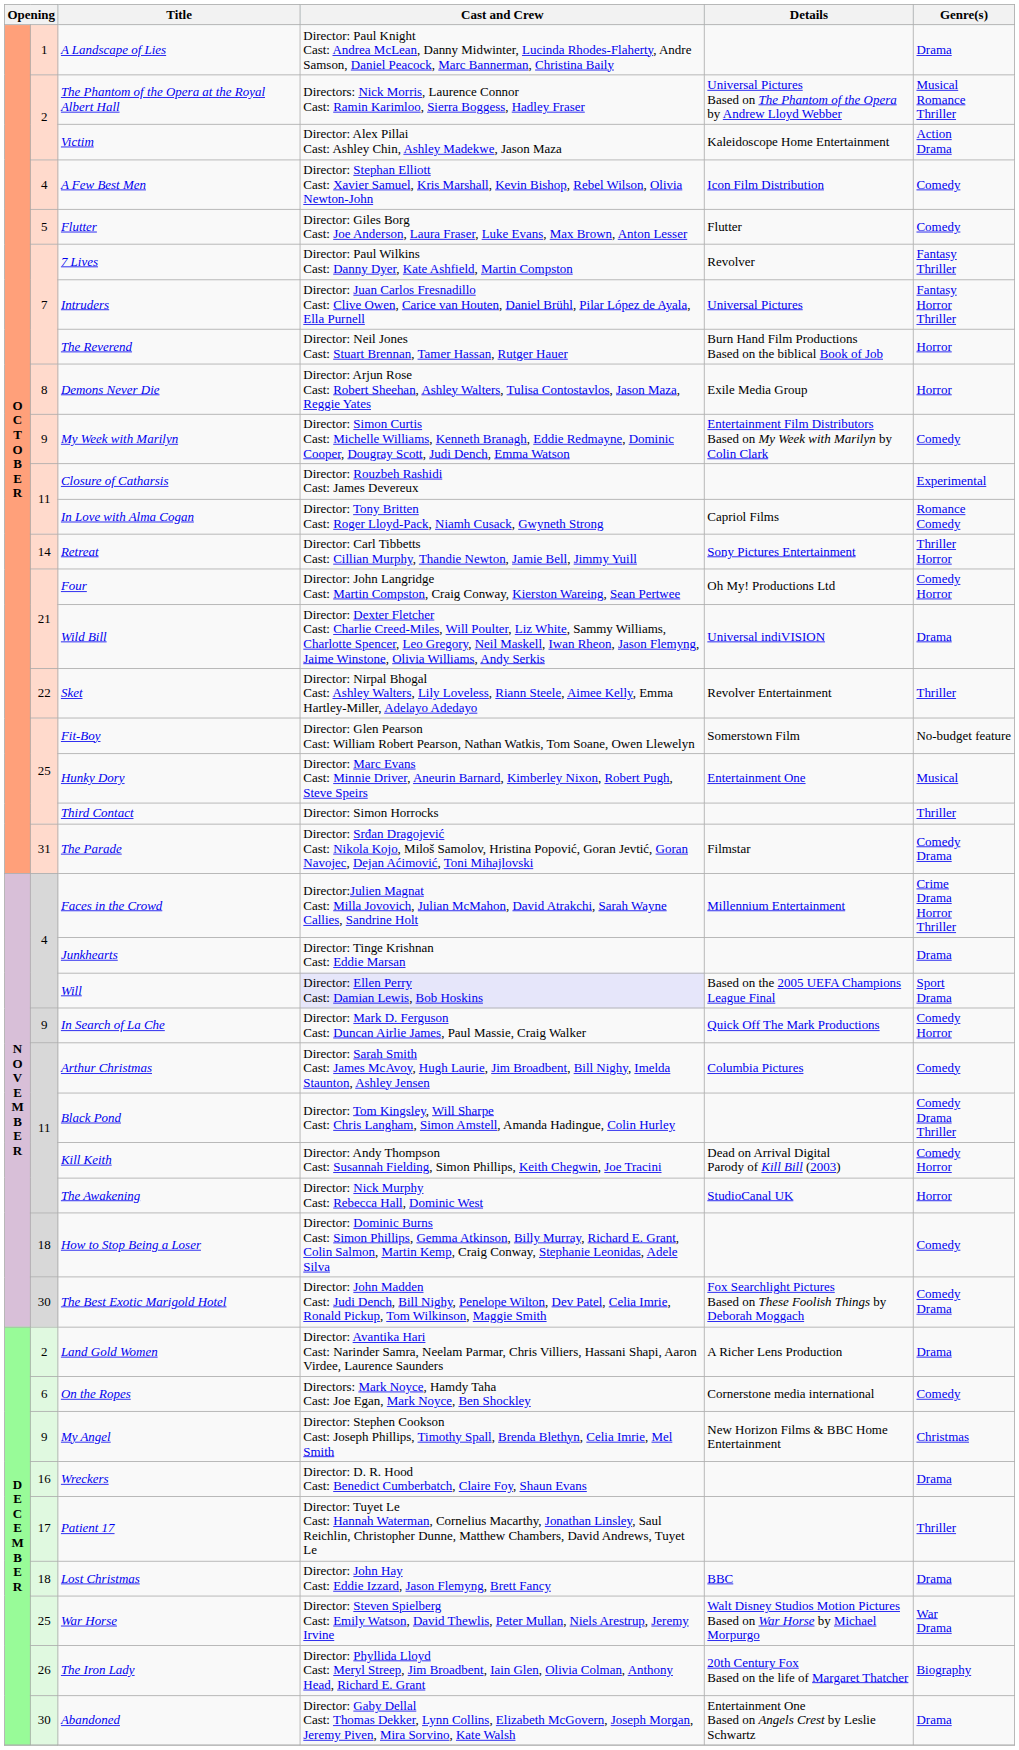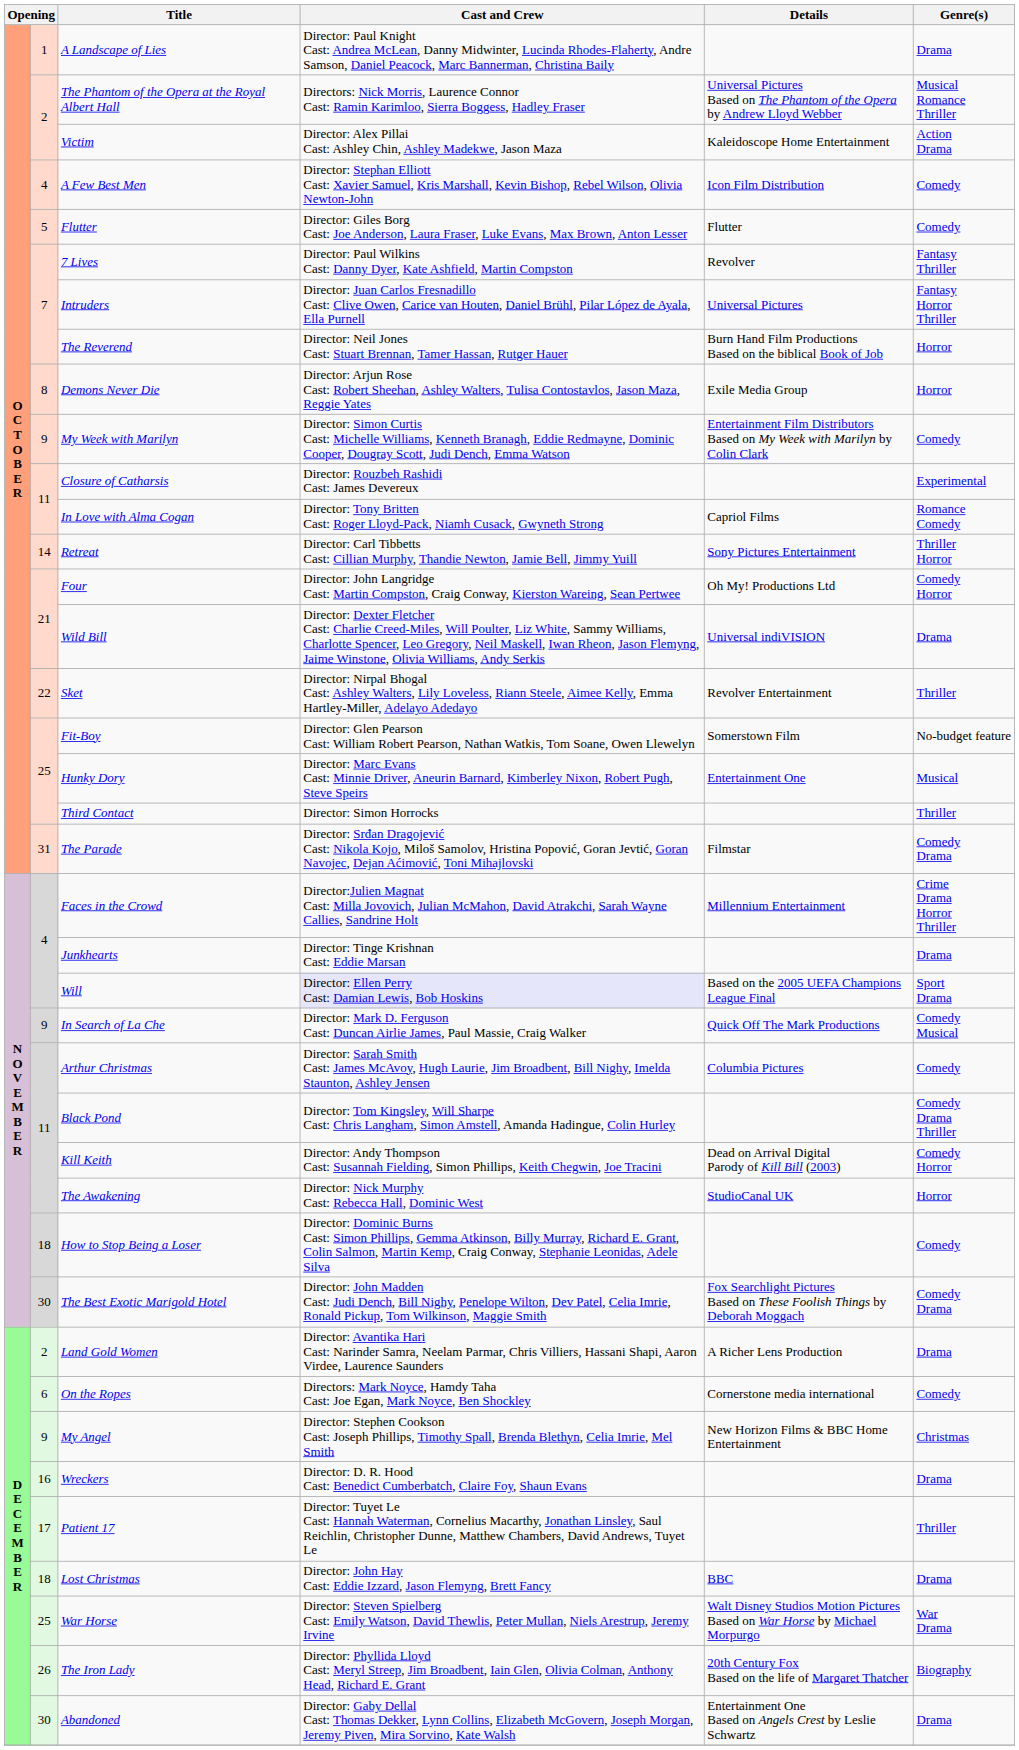 <table class="wikitable sortable plainrowheaders">
 <tr style="background:#b0e0e6; text-align:center;">
 <th colspan="2">Opening</th>
 <th style="width:24%;">Title</th>
 <th style="width:40%;">Cast and Crew</th>
 <th>Details</th>
 <th style="width:10%;">Genre(s)</th>
 </tr>
 <tr>
 <th rowspan="20" style="text-align:center; background:#ffa07a; textcolor:#000;">O <br>C <br>T <br>O <br>B <br>E <br>R</th>
 <td rowspan="1" style="text-align:center; background:#ffdacc;">1</td>
 <td><em><a href='#'>A Landscape of Lies</a></em></td>
 <td>Director: Paul Knight  <br> Cast: <a href='#'>Andrea McLean</a>, Danny Midwinter, <a href='#'>Lucinda Rhodes-Flaherty</a>, Andre Samson, <a href='#'>Daniel Peacock</a>, <a href='#'>Marc Bannerman</a>, <a href='#'>Christina Baily</a></td>
 <td></td>
 <td><a href='#'>Drama</a></td>
 </tr>
 <tr>
 <td rowspan="2" style="text-align:center; background:#ffdacc;">2</td>
 <td><em><a href='#'>The Phantom of the Opera at the Royal Albert Hall</a></em></td>
 <td>Directors: <a href='#'>Nick Morris</a>, Laurence Connor  <br> Cast: <a href='#'>Ramin Karimloo</a>, <a href='#'>Sierra Boggess</a>, <a href='#'>Hadley Fraser</a></td>
 <td><a href='#'>Universal Pictures</a>  <br> Based on <em><a href='#'>The Phantom of the Opera</a></em> by <a href='#'>Andrew Lloyd Webber</a></td>
 <td><a href='#'>Musical</a>  <br> <a href='#'>Romance</a>  <br> <a href='#'>Thriller</a></td>
 </tr>
 <tr>
 <td><em><a href='#'>Victim</a></em></td>
 <td>Director: Alex Pillai  <br> Cast: Ashley Chin, <a href='#'>Ashley Madekwe</a>, Jason Maza</td>
 <td>Kaleidoscope Home Entertainment</td>
 <td><a href='#'>Action</a>  <br> <a href='#'>Drama</a></td>
 </tr>
 <tr>
 <td rowspan="1" style="text-align:center; background:#ffdacc;">4</td>
 <td><em><a href='#'>A Few Best Men</a></em></td>
 <td>Director: <a href='#'>Stephan Elliott</a>  <br> Cast: <a href='#'>Xavier Samuel</a>, <a href='#'>Kris Marshall</a>, <a href='#'>Kevin Bishop</a>, <a href='#'>Rebel Wilson</a>, <a href='#'>Olivia Newton-John</a></td>
 <td><a href='#'>Icon Film Distribution</a></td>
 <td><a href='#'>Comedy</a></td>
 </tr>
 <tr>
 <td rowspan="1" style="text-align:center; background:#ffdacc;">5</td>
 <td><em><a href='#'>Flutter</a></em></td>
 <td>Director: Giles Borg  <br> Cast: <a href='#'>Joe Anderson</a>, <a href='#'>Laura Fraser</a>, <a href='#'>Luke Evans</a>, <a href='#'>Max Brown</a>, <a href='#'>Anton Lesser</a></td>
 <td>Flutter</td>
 <td><a href='#'>Comedy</a></td>
 </tr>
 <tr>
 <td rowspan="3" style="text-align:center; background:#ffdacc;">7</td>
 <td><em><a href='#'>7 Lives</a></em></td>
 <td>Director: Paul Wilkins  <br> Cast: <a href='#'>Danny Dyer</a>, <a href='#'>Kate Ashfield</a>, <a href='#'>Martin Compston</a></td>
 <td>Revolver</td>
 <td><a href='#'>Fantasy</a>  <br> <a href='#'>Thriller</a></td>
 </tr>
 <tr>
 <td><em><a href='#'>Intruders</a></em></td>
 <td>Director: <a href='#'>Juan Carlos Fresnadillo</a>  <br> Cast: <a href='#'>Clive Owen</a>, <a href='#'>Carice van Houten</a>, <a href='#'>Daniel Brühl</a>, <a href='#'>Pilar López de Ayala</a>, <a href='#'>Ella Purnell</a></td>
 <td><a href='#'>Universal Pictures</a></td>
 <td><a href='#'>Fantasy</a>  <br> <a href='#'>Horror</a>  <br> <a href='#'>Thriller</a></td>
 </tr>
 <tr>
 <td><em><a href='#'>The Reverend</a></em></td>
 <td>Director: Neil Jones  <br> Cast: <a href='#'>Stuart Brennan</a>, <a href='#'>Tamer Hassan</a>, <a href='#'>Rutger Hauer</a></td>
 <td>Burn Hand Film Productions  <br> Based on the biblical <a href='#'>Book of Job</a></td>
 <td><a href='#'>Horror</a></td>
 </tr>
 <tr>
 <td rowspan="1" style="text-align:center; background:#ffdacc;">8</td>
 <td><em><a href='#'>Demons Never Die</a></em></td>
 <td>Director: Arjun Rose  <br> Cast: <a href='#'>Robert Sheehan</a>, <a href='#'>Ashley Walters</a>, <a href='#'>Tulisa Contostavlos</a>, <a href='#'>Jason Maza</a>, <a href='#'>Reggie Yates</a></td>
 <td>Exile Media Group</td>
 <td><a href='#'>Horror</a></td>
 </tr>
 <tr>
 <td rowspan="1" style="text-align:center; background:#ffdacc;">9</td>
 <td><em><a href='#'>My Week with Marilyn</a></em></td>
 <td>Director: <a href='#'>Simon Curtis</a>  <br> Cast: <a href='#'>Michelle Williams</a>, <a href='#'>Kenneth Branagh</a>, <a href='#'>Eddie Redmayne</a>, <a href='#'>Dominic Cooper</a>, <a href='#'>Dougray Scott</a>, <a href='#'>Judi Dench</a>, <a href='#'>Emma Watson</a></td>
 <td><a href='#'>Entertainment Film Distributors</a>  <br> Based on <em>My Week with Marilyn</em> by <a href='#'>Colin Clark</a></td>
 <td><a href='#'>Comedy</a></td>
 </tr>
 <tr>
 <td rowspan="2" style="text-align:center; background:#ffdacc;">11</td>
 <td><em><a href='#'>Closure of Catharsis</a></em></td>
 <td>Director: <a href='#'>Rouzbeh Rashidi</a>  <br> Cast: James Devereux</td>
 <td></td>
 <td><a href='#'>Experimental</a></td>
 </tr>
 <tr>
 <td><em><a href='#'>In Love with Alma Cogan</a></em></td>
 <td>Director: <a href='#'>Tony Britten</a>  <br> Cast: <a href='#'>Roger Lloyd-Pack</a>, <a href='#'>Niamh Cusack</a>, <a href='#'>Gwyneth Strong</a></td>
 <td>Capriol Films</td>
 <td><a href='#'>Romance</a>  <br> <a href='#'>Comedy</a></td>
 </tr>
 <tr>
 <td rowspan="1" style="text-align:center; background:#ffdacc;">14</td>
 <td><em><a href='#'>Retreat</a></em></td>
 <td>Director: Carl Tibbetts  <br> Cast: <a href='#'>Cillian Murphy</a>, <a href='#'>Thandie Newton</a>, <a href='#'>Jamie Bell</a>, <a href='#'>Jimmy Yuill</a></td>
 <td><a href='#'>Sony Pictures Entertainment</a></td>
 <td><a href='#'>Thriller</a>  <br> <a href='#'>Horror</a></td>
 </tr>
 <tr>
 <td rowspan="2" style="text-align:center; background:#ffdacc;">21</td>
 <td><em><a href='#'>Four</a></em></td>
 <td>Director: John Langridge  <br> Cast: <a href='#'>Martin Compston</a>, Craig Conway, <a href='#'>Kierston Wareing</a>, <a href='#'>Sean Pertwee</a></td>
 <td>Oh My! Productions Ltd</td>
 <td><a href='#'>Comedy</a>  <br> <a href='#'>Horror</a></td>
 </tr>
 <tr>
 <td><em><a href='#'>Wild Bill</a></em></td>
 <td>Director: <a href='#'>Dexter Fletcher</a>  <br> Cast: <a href='#'>Charlie Creed-Miles</a>, <a href='#'>Will Poulter</a>, <a href='#'>Liz White</a>, Sammy Williams, <a href='#'>Charlotte Spencer</a>, <a href='#'>Leo Gregory</a>, <a href='#'>Neil Maskell</a>, <a href='#'>Iwan Rheon</a>, <a href='#'>Jason Flemyng</a>, <a href='#'>Jaime Winstone</a>, <a href='#'>Olivia Williams</a>, <a href='#'>Andy Serkis</a></td>
 <td><a href='#'>Universal indiVISION</a></td>
 <td><a href='#'>Drama</a></td>
 </tr>
 <tr>
 <td rowspan="1" style="text-align:center; background:#ffdacc;">22</td>
 <td><em><a href='#'>Sket</a></em></td>
 <td>Director: Nirpal Bhogal  <br> Cast: <a href='#'>Ashley Walters</a>, <a href='#'>Lily Loveless</a>, <a href='#'>Riann Steele</a>, <a href='#'>Aimee Kelly</a>, Emma Hartley-Miller, <a href='#'>Adelayo Adedayo</a></td>
 <td>Revolver Entertainment</td>
 <td><a href='#'>Thriller</a></td>
 </tr>
 <tr>
 <td rowspan="3" style="text-align:center; background:#ffdacc;">25</td>
 <td><em><a href='#'>Fit-Boy</a></em></td>
 <td>Director:  Glen Pearson<br> Cast: William Robert Pearson, Nathan Watkis, Tom Soane, Owen Llewelyn</td>
 <td>Somerstown Film</td>
 <td>No-budget feature</td>
 </tr>
 <tr>
 <td><em><a href='#'>Hunky Dory</a></em></td>
 <td>Director: <a href='#'>Marc Evans</a>  <br> Cast: <a href='#'>Minnie Driver</a>, <a href='#'>Aneurin Barnard</a>, <a href='#'>Kimberley Nixon</a>, <a href='#'>Robert Pugh</a>, <a href='#'>Steve Speirs</a></td>
 <td><a href='#'>Entertainment One</a></td>
 <td><a href='#'>Musical</a></td>
 </tr>
 <tr>
 <td><em><a href='#'>Third Contact</a></em></td>
 <td>Director: Simon Horrocks</td>
 <td></td>
 <td><a href='#'>Thriller</a></td>
 </tr>
 <tr>
 <td rowspan="1" style="text-align:center; background:#ffdacc;">31</td>
 <td><em><a href='#'>The Parade</a></em></td>
 <td>Director: <a href='#'>Srđan Dragojević</a>  <br> Cast: <a href='#'>Nikola Kojo</a>, Miloš Samolov, Hristina Popović, Goran Jevtić, <a href='#'>Goran Navojec</a>, <a href='#'>Dejan Aćimović</a>, <a href='#'>Toni Mihajlovski</a></td>
 <td>Filmstar</td>
 <td><a href='#'>Comedy</a>  <br> <a href='#'>Drama</a></td>
 </tr>
 <tr>
 <th rowspan="10" style="text-align:center; background:thistle; textcolor:#000;">N <br>O <br>V <br>E <br>M <br>B <br>E <br>R</th>
 <td rowspan="3" style="text-align:center; background:#d8d8d8;">4</td>
 <td><em><a href='#'>Faces in the Crowd</a></em></td>
 <td>Director:<a href='#'>Julien Magnat</a>  <br> Cast: <a href='#'>Milla Jovovich</a>, <a href='#'>Julian McMahon</a>, <a href='#'>David Atrakchi</a>, <a href='#'>Sarah Wayne Callies</a>, <a href='#'>Sandrine Holt</a></td>
 <td><a href='#'>Millennium Entertainment</a></td>
 <td><a href='#'>Crime</a> <br> <a href='#'>Drama</a><br> <a href='#'>Horror</a><br> <a href='#'>Thriller</a></td>
 </tr>
 <tr>
 <td><em><a href='#'>Junkhearts</a></em></td>
 <td>Director: Tinge Krishnan  <br> Cast: <a href='#'>Eddie Marsan</a></td>
 <td></td>
 <td><a href='#'>Drama</a></td>
 </tr>
 <tr>
 <td><em><a href='#'>Will</a></em></td>
 <td style="background: lavender;">Director: <a href='#'>Ellen Perry</a>  <br> Cast: <a href='#'>Damian Lewis</a>, <a href='#'>Bob Hoskins</a></td>
 <td>Based on the <a href='#'>2005 UEFA Champions League Final</a></td>
 <td><a href='#'>Sport</a>  <br> <a href='#'>Drama</a></td>
 </tr>
 <tr>
 <td rowspan="1" style="text-align:center; background:#d8d8d8;">9</td>
 <td><em><a href='#'>In Search of La Che</a></em></td>
 <td>Director: <a href='#'>Mark D. Ferguson</a>  <br> Cast: <a href='#'>Duncan Airlie James</a>, Paul Massie, Craig Walker</td>
 <td><a href='#'>Quick Off The Mark Productions</a></td>
-<td><a href='#'>Comedy</a>  <br> <a href='#'>Horror</a></td>
+<td><a href='#'>Comedy</a>  <br> <a href='#'>Musical</a></td>
 </tr>
 <tr>
 <td rowspan="4" style="text-align:center; background:#d8d8d8;">11</td>
 <td><em><a href='#'>Arthur Christmas</a></em></td>
 <td>Director: <a href='#'>Sarah Smith</a>  <br> Cast: <a href='#'>James McAvoy</a>, <a href='#'>Hugh Laurie</a>, <a href='#'>Jim Broadbent</a>, <a href='#'>Bill Nighy</a>, <a href='#'>Imelda Staunton</a>, <a href='#'>Ashley Jensen</a></td>
 <td><a href='#'>Columbia Pictures</a></td>
 <td><a href='#'>Comedy</a></td>
 </tr>
 <tr>
 <td><em><a href='#'>Black Pond</a></em></td>
 <td>Director: <a href='#'>Tom Kingsley</a>, <a href='#'>Will Sharpe</a>  <br> Cast: <a href='#'>Chris Langham</a>, <a href='#'>Simon Amstell</a>, Amanda Hadingue, <a href='#'>Colin Hurley</a></td>
 <td></td>
 <td><a href='#'>Comedy</a>  <br> <a href='#'>Drama</a>  <br> <a href='#'>Thriller</a></td>
 </tr>
 <tr>
 <td><em><a href='#'>Kill Keith</a></em></td>
 <td>Director: Andy Thompson  <br> Cast: <a href='#'>Susannah Fielding</a>, Simon Phillips, <a href='#'>Keith Chegwin</a>, <a href='#'>Joe Tracini</a></td>
 <td>Dead on Arrival Digital  <br> Parody of <em><a href='#'>Kill Bill</a></em> (<a href='#'>2003</a>)</td>
 <td><a href='#'>Comedy</a>  <br> <a href='#'>Horror</a></td>
 </tr>
 <tr>
 <td><em><a href='#'>The Awakening</a></em></td>
 <td>Director: <a href='#'>Nick Murphy</a>  <br> Cast: <a href='#'>Rebecca Hall</a>, <a href='#'>Dominic West</a></td>
 <td><a href='#'>StudioCanal UK</a></td>
 <td><a href='#'>Horror</a></td>
 </tr>
 <tr>
 <td rowspan="1" style="text-align:center; background:#d8d8d8;">18</td>
 <td><em><a href='#'>How to Stop Being a Loser</a></em></td>
 <td>Director: <a href='#'>Dominic Burns</a>  <br> Cast: <a href='#'>Simon Phillips</a>, <a href='#'>Gemma Atkinson</a>, <a href='#'>Billy Murray</a>, <a href='#'>Richard E. Grant</a>, <a href='#'>Colin Salmon</a>, <a href='#'>Martin Kemp</a>, Craig Conway, <a href='#'>Stephanie Leonidas</a>, <a href='#'>Adele Silva</a></td>
 <td></td>
 <td><a href='#'>Comedy</a></td>
 </tr>
 <tr>
 <td rowspan="1" style="text-align:center; background:#d8d8d8;">30</td>
 <td><em><a href='#'>The Best Exotic Marigold Hotel</a></em></td>
 <td>Director: <a href='#'>John Madden</a>  <br> Cast: <a href='#'>Judi Dench</a>, <a href='#'>Bill Nighy</a>, <a href='#'>Penelope Wilton</a>, <a href='#'>Dev Patel</a>, <a href='#'>Celia Imrie</a>, <a href='#'>Ronald Pickup</a>, <a href='#'>Tom Wilkinson</a>, <a href='#'>Maggie Smith</a></td>
 <td><a href='#'>Fox Searchlight Pictures</a>  <br> Based on <em>These Foolish Things</em> by <a href='#'>Deborah Moggach</a></td>
 <td><a href='#'>Comedy</a>  <br> <a href='#'>Drama</a></td>
 </tr>
 <tr>
 <th rowspan="9" style="text-align:center; background:#98fb98; textcolor:#000;">D <br>E <br>C <br>E <br>M <br>B <br>E <br>R</th>
 <td rowspan="1" style="text-align:center; background:#e0f9e0;">2</td>
 <td><em><a href='#'>Land Gold Women</a></em></td>
 <td>Director: <a href='#'>Avantika Hari</a>  <br> Cast: Narinder Samra, Neelam Parmar, Chris Villiers, Hassani Shapi, Aaron Virdee, Laurence Saunders</td>
 <td>A Richer Lens Production</td>
 <td><a href='#'>Drama</a></td>
 </tr>
 <tr>
 <td rowspan="1" style="text-align:center; background:#e0f9e0;">6</td>
 <td><em><a href='#'>On the Ropes</a></em></td>
 <td>Directors: <a href='#'>Mark Noyce</a>, Hamdy Taha  <br> Cast: Joe Egan, <a href='#'>Mark Noyce</a>, <a href='#'>Ben Shockley</a></td>
 <td>Cornerstone media international</td>
 <td><a href='#'>Comedy</a></td>
 </tr>
 <tr>
 <td rowspan="1" style="text-align:center; background:#e0f9e0;">9</td>
 <td><em><a href='#'>My Angel</a></em></td>
 <td>Director: Stephen Cookson  <br> Cast: Joseph Phillips, <a href='#'>Timothy Spall</a>, <a href='#'>Brenda Blethyn</a>, <a href='#'>Celia Imrie</a>, <a href='#'>Mel Smith</a></td>
 <td>New Horizon Films & BBC Home Entertainment</td>
 <td><a href='#'>Christmas</a></td>
 </tr>
 <tr>
 <td rowspan="1" style="text-align:center; background:#e0f9e0;">16</td>
 <td><em><a href='#'>Wreckers</a></em></td>
 <td>Director: D. R. Hood  <br> Cast: <a href='#'>Benedict Cumberbatch</a>, <a href='#'>Claire Foy</a>, <a href='#'>Shaun Evans</a></td>
 <td></td>
 <td><a href='#'>Drama</a></td>
 </tr>
 <tr>
 <td rowspan="1" style="text-align:center; background:#e0f9e0;">17</td>
 <td><em><a href='#'>Patient 17</a></em></td>
 <td>Director: Tuyet Le  <br> Cast: <a href='#'>Hannah Waterman</a>, Cornelius Macarthy, <a href='#'>Jonathan Linsley</a>, Saul Reichlin, Christopher Dunne, Matthew Chambers, David Andrews, Tuyet Le</td>
 <td></td>
 <td><a href='#'>Thriller</a></td>
 </tr>
 <tr>
 <td rowspan="1" style="text-align:center; background:#e0f9e0;">18</td>
 <td><em><a href='#'>Lost Christmas</a></em></td>
 <td>Director: <a href='#'>John Hay</a>  <br> Cast: <a href='#'>Eddie Izzard</a>, <a href='#'>Jason Flemyng</a>, <a href='#'>Brett Fancy</a></td>
 <td><a href='#'>BBC</a></td>
 <td><a href='#'>Drama</a></td>
 </tr>
 <tr>
 <td rowspan="1" style="text-align:center; background:#e0f9e0;">25</td>
 <td><em><a href='#'>War Horse</a></em></td>
 <td>Director: <a href='#'>Steven Spielberg</a>  <br> Cast: <a href='#'>Emily Watson</a>, <a href='#'>David Thewlis</a>, <a href='#'>Peter Mullan</a>, <a href='#'>Niels Arestrup</a>, <a href='#'>Jeremy Irvine</a></td>
 <td><a href='#'>Walt Disney Studios Motion Pictures</a>  <br> Based on <em><a href='#'>War Horse</a></em> by <a href='#'>Michael Morpurgo</a></td>
 <td><a href='#'>War</a>  <br> <a href='#'>Drama</a></td>
 </tr>
 <tr>
 <td rowspan="1" style="text-align:center; background:#e0f9e0;">26</td>
 <td><em><a href='#'>The Iron Lady</a></em></td>
 <td>Director: <a href='#'>Phyllida Lloyd</a>  <br> Cast: <a href='#'>Meryl Streep</a>, <a href='#'>Jim Broadbent</a>, <a href='#'>Iain Glen</a>, <a href='#'>Olivia Colman</a>, <a href='#'>Anthony Head</a>, <a href='#'>Richard E. Grant</a></td>
 <td><a href='#'>20th Century Fox</a>  <br> Based on the life of <a href='#'>Margaret Thatcher</a></td>
 <td><a href='#'>Biography</a></td>
 </tr>
 <tr>
 <td rowspan="1" style="text-align:center; background:#e0f9e0;">30</td>
 <td><em><a href='#'>Abandoned</a></em></td>
 <td>Director: <a href='#'>Gaby Dellal</a>  <br> Cast: <a href='#'>Thomas Dekker</a>, <a href='#'>Lynn Collins</a>, <a href='#'>Elizabeth McGovern</a>, <a href='#'>Joseph Morgan</a>, <a href='#'>Jeremy Piven</a>, <a href='#'>Mira Sorvino</a>, <a href='#'>Kate Walsh</a></td>
 <td>Entertainment One  <br> Based on <em>Angels Crest</em> by Leslie Schwartz</td>
 <td><a href='#'>Drama</a></td>
 </tr>
 <tr>
 </tr>
 </table>
